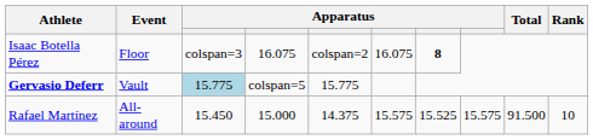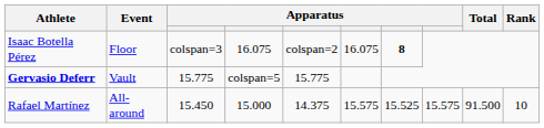 <table class="wikitable" style="font-size:90%">
 <tr>
 <th rowspan=2>Athlete</th>
 <th rowspan=2>Event</th>
 <th colspan =6>Apparatus</th>
 <th rowspan=2>Total</th>
 <th rowspan=2>Rank</th>
 </tr>
 <tr style="font-size:95%">
 <th></th>
 <th></th>
 <th></th>
 <th></th>
 <th></th>
 <th></th>
 </tr>
 <tr align=center>
 <td align=left><a href='#'>Isaac Botella Pérez</a></td>
 <td align=left><a href='#'>Floor</a></td>
 <td>colspan=3 </td>
 <td>16.075</td>
 <td>colspan=2 </td>
 <td>16.075</td>
 <td><strong>8</strong></td>
 </tr>
 <tr align=center>
 <td align=left><strong><a href='#'>Gervasio Deferr</a></strong></td>
 <td align=left><a href='#'>Vault</a></td>
-<td style="background: lightblue;">15.775</td>
+<td>15.775</td>
 <td>colspan=5 </td>
 <td>15.775</td>
 <td></td>
 </tr>
 <tr align=center>
 <td align=left><a href='#'>Rafael Martínez</a></td>
 <td align=left><a href='#'>All-around</a></td>
 <td>15.450</td>
 <td>15.000</td>
 <td>14.375</td>
 <td>15.575</td>
 <td>15.525</td>
 <td>15.575</td>
 <td>91.500</td>
 <td>10</td>
 </tr>
 </table>
